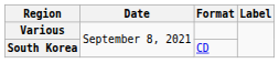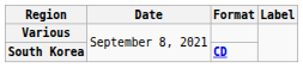 <table class="wikitable plainrowheaders">
 <tr>
 <th>Region</th>
 <th>Date</th>
 <th>Format</th>
 <th>Label</th>
 </tr>
 <tr>
 <th scope="row">Various</th>
 <td rowspan="2">September 8, 2021</td>
 <td></td>
 <td rowspan="2"></td>
 </tr>
 <tr>
 <th scope="row">South Korea</th>
-<td><a href='#'>CD</a></td>
+<td><strong><a href='#'>CD</a></strong></td>
 </tr>
 </table>
